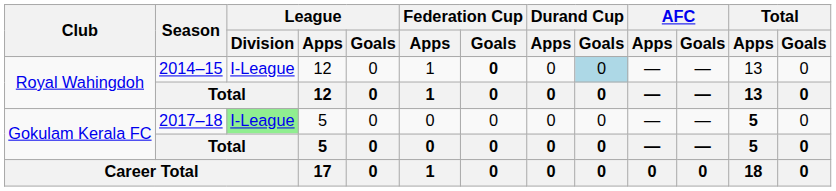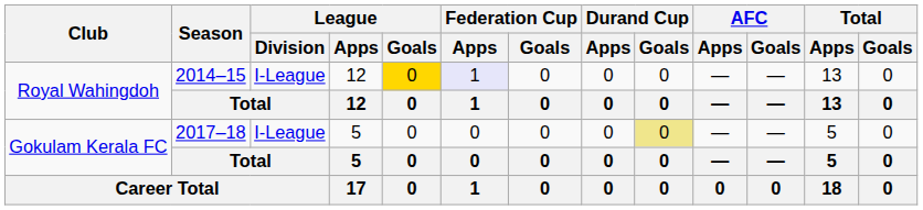 <table class="wikitable" style="text-align: center;">
 <tr>
 <th rowspan="2">Club</th>
 <th rowspan="2">Season</th>
 <th colspan="3">League</th>
 <th colspan="2">Federation Cup</th>
 <th colspan="2">Durand Cup</th>
 <th colspan="2"><a href='#'>AFC</a></th>
 <th colspan="2">Total</th>
 </tr>
 <tr>
 <th>Division</th>
 <th>Apps</th>
 <th>Goals</th>
 <th>Apps</th>
 <th>Goals</th>
 <th>Apps</th>
 <th>Goals</th>
 <th>Apps</th>
 <th>Goals</th>
 <th>Apps</th>
 <th>Goals</th>
 </tr>
 <tr>
 <td rowspan="2"><a href='#'>Royal Wahingdoh</a></td>
 <td><a href='#'>2014–15</a></td>
 <td><a href='#'>I-League</a></td>
 <td>12</td>
+<td style="background: gold;">0</td>
+<td style="background: lavender;">1</td>
 <td>0</td>
-<td>1</td>
-<td><strong>0</strong></td>
 <td>0</td>
-<td style="background: lightblue;">0</td>
+<td>0</td>
 <td>—</td>
 <td>—</td>
 <td>13</td>
 <td>0</td>
 </tr>
 <tr>
 <th colspan="2">Total</th>
 <th>12</th>
 <th>0</th>
 <th>1</th>
 <th>0</th>
 <th>0</th>
 <th>0</th>
 <th>—</th>
 <th>—</th>
 <th>13</th>
 <th>0</th>
 </tr>
 <tr>
 <td rowspan="2"><a href='#'>Gokulam Kerala FC</a></td>
 <td><a href='#'>2017–18</a></td>
-<td style="background: lightgreen;"><a href='#'>I-League</a></td>
+<td><a href='#'>I-League</a></td>
 <td>5</td>
 <td>0</td>
 <td>0</td>
 <td>0</td>
 <td>0</td>
-<td>0</td>
+<td style="background: khaki;">0</td>
 <td>—</td>
 <td>—</td>
-<td><strong>5</strong></td>
+<td>5</td>
 <td>0</td>
 </tr>
 <tr>
 <th colspan="2">Total</th>
 <th>5</th>
 <th>0</th>
 <th>0</th>
 <th>0</th>
 <th>0</th>
 <th>0</th>
 <th>—</th>
 <th>—</th>
 <th>5</th>
 <th>0</th>
 </tr>
 <tr>
 <th colspan="3">Career Total</th>
 <th>17</th>
 <th>0</th>
 <th>1</th>
 <th>0</th>
 <th>0</th>
 <th>0</th>
 <th>0</th>
 <th>0</th>
 <th>18</th>
 <th>0</th>
 </tr>
 </table>
